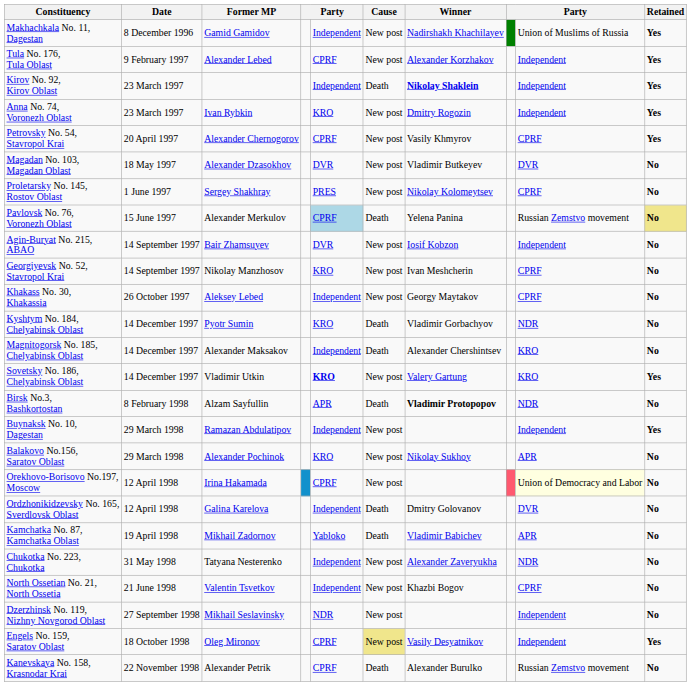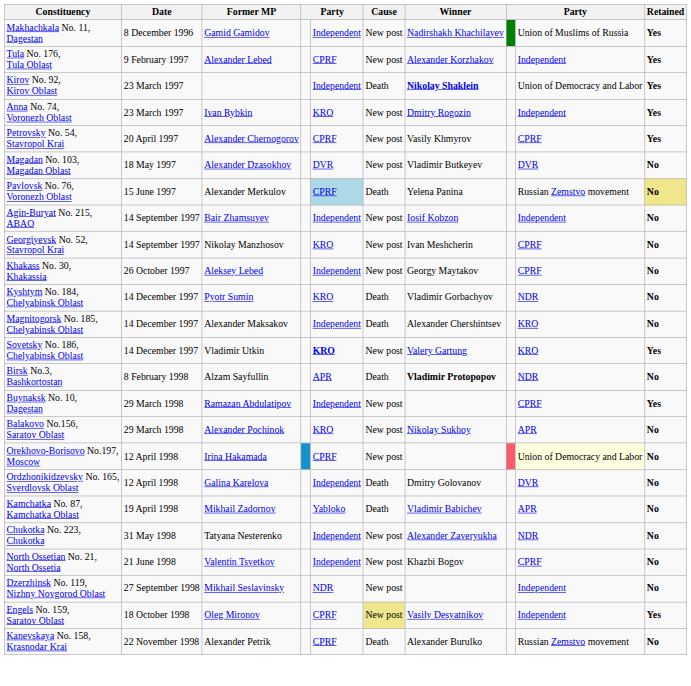 <table class="wikitable">
 <tr>
 <th>Constituency</th>
 <th>Date</th>
 <th>Former MP</th>
 <th colspan=2>Party</th>
 <th>Cause</th>
 <th>Winner</th>
 <th colspan=2>Party</th>
 <th>Retained</th>
 </tr>
 <tr>
 <td><a href='#'>Makhachkala</a> No. 11,<br><a href='#'>Dagestan</a></td>
 <td>8 December 1996</td>
 <td><a href='#'>Gamid Gamidov</a></td>
 <td style="background-color:">  </td>
 <td><a href='#'>Independent</a></td>
 <td>New post</td>
 <td><a href='#'>Nadirshakh Khachilayev</a></td>
 <td style="background-color:green">  </td>
 <td>Union of Muslims of Russia</td>
 <td><strong>Yes</strong></td>
 </tr>
 <tr>
 <td><a href='#'>Tula</a> No. 176,<br><a href='#'>Tula Oblast</a></td>
 <td>9 February 1997</td>
 <td><a href='#'>Alexander Lebed</a></td>
 <td style="background-color:">  </td>
 <td><a href='#'>CPRF</a></td>
 <td>New post</td>
 <td><a href='#'>Alexander Korzhakov</a></td>
 <td style="background-color:">  </td>
 <td><a href='#'>Independent</a></td>
 <td><strong>Yes</strong></td>
 </tr>
 <tr>
 <td><a href='#'>Kirov</a> No. 92,<br><a href='#'>Kirov Oblast</a></td>
 <td>23 March 1997</td>
 <td></td>
 <td style="background-color:">  </td>
 <td><a href='#'>Independent</a></td>
 <td>Death</td>
 <td><strong><a href='#'>Nikolay Shaklein</a></strong></td>
 <td style="background-color:">  </td>
-<td><a href='#'>Independent</a></td>
+<td>Union of Democracy and Labor</td>
 <td><strong>Yes</strong></td>
 </tr>
 <tr>
 <td><a href='#'>Anna</a> No. 74,<br><a href='#'>Voronezh Oblast</a></td>
 <td>23 March 1997</td>
 <td><a href='#'>Ivan Rybkin</a></td>
 <td style="background-color:">  </td>
 <td><a href='#'>KRO</a></td>
 <td>New post</td>
 <td><a href='#'>Dmitry Rogozin</a></td>
 <td style="background-color:">  </td>
 <td><a href='#'>Independent</a></td>
 <td><strong>Yes</strong></td>
 </tr>
 <tr>
 <td><a href='#'>Petrovsky</a> No. 54,<br><a href='#'>Stavropol Krai</a></td>
 <td>20 April 1997</td>
 <td><a href='#'>Alexander Chernogorov</a></td>
 <td style="background-color:">  </td>
 <td><a href='#'>CPRF</a></td>
 <td>New post</td>
 <td>Vasily Khmyrov</td>
 <td style="background-color:">  </td>
 <td><a href='#'>CPRF</a></td>
 <td><strong>Yes</strong></td>
 </tr>
 <tr>
 <td><a href='#'>Magadan</a> No. 103,<br><a href='#'>Magadan Oblast</a></td>
 <td>18 May 1997</td>
 <td><a href='#'>Alexander Dzasokhov</a></td>
 <td style="background-color:">  </td>
 <td><a href='#'>DVR</a></td>
 <td>New post</td>
 <td>Vladimir Butkeyev</td>
 <td style="background-color:">  </td>
 <td><a href='#'>DVR</a></td>
 <td><strong>No</strong></td>
 </tr>
 <tr>
-<td><a href='#'>Proletarsky</a> No. 145,<br><a href='#'>Rostov Oblast</a></td>
-<td>1 June 1997</td>
-<td><a href='#'>Sergey Shakhray</a></td>
-<td style="background-color:">  </td>
-<td><a href='#'>PRES</a></td>
-<td>New post</td>
-<td><a href='#'>Nikolay Kolomeytsev</a></td>
-<td style="background-color:">  </td>
-<td><a href='#'>CPRF</a></td>
-<td><strong>No</strong></td>
-</tr>
-<tr>
 <td><a href='#'>Pavlovsk</a> No. 76,<br><a href='#'>Voronezh Oblast</a></td>
 <td>15 June 1997</td>
 <td>Alexander Merkulov</td>
 <td style="background-color:">  </td>
 <td style="background: lightblue;"><a href='#'>CPRF</a></td>
 <td>Death</td>
 <td>Yelena Panina</td>
 <td style="background-color:">  </td>
 <td>Russian <a href='#'>Zemstvo</a> movement</td>
 <td style="background: khaki;"><strong>No</strong></td>
 </tr>
 <tr>
 <td><a href='#'>Agin-Buryat</a> No. 215,<br><a href='#'>ABAO</a></td>
 <td>14 September 1997</td>
 <td><a href='#'>Bair Zhamsuyev</a></td>
 <td style="background-color:">  </td>
-<td><a href='#'>DVR</a></td>
+<td><a href='#'>Independent</a></td>
 <td>New post</td>
 <td><a href='#'>Iosif Kobzon</a></td>
 <td style="background-color:">  </td>
 <td><a href='#'>Independent</a></td>
 <td><strong>No</strong></td>
 </tr>
 <tr>
 <td><a href='#'>Georgiyevsk</a> No. 52,<br><a href='#'>Stavropol Krai</a></td>
 <td>14 September 1997</td>
 <td>Nikolay Manzhosov</td>
 <td style="background-color:">  </td>
 <td><a href='#'>KRO</a></td>
 <td>New post</td>
 <td>Ivan Meshcherin</td>
 <td style="background-color:">  </td>
 <td><a href='#'>CPRF</a></td>
 <td><strong>No</strong></td>
 </tr>
 <tr>
 <td><a href='#'>Khakass</a> No. 30,<br><a href='#'>Khakassia</a></td>
 <td>26 October 1997</td>
 <td><a href='#'>Aleksey Lebed</a></td>
 <td style="background-color:">  </td>
 <td><a href='#'>Independent</a></td>
 <td>New post</td>
 <td>Georgy Maytakov</td>
 <td style="background-color:">  </td>
 <td><a href='#'>CPRF</a></td>
 <td><strong>No</strong></td>
 </tr>
 <tr>
 <td><a href='#'>Kyshtym</a> No. 184,<br><a href='#'>Chelyabinsk Oblast</a></td>
 <td>14 December 1997</td>
 <td><a href='#'>Pyotr Sumin</a></td>
 <td style="background-color:">  </td>
 <td><a href='#'>KRO</a></td>
 <td>Death</td>
 <td>Vladimir Gorbachyov</td>
 <td style="background-color:">  </td>
 <td><a href='#'>NDR</a></td>
 <td><strong>No</strong></td>
 </tr>
 <tr>
 <td><a href='#'>Magnitogorsk</a> No. 185,<br><a href='#'>Chelyabinsk Oblast</a></td>
 <td>14 December 1997</td>
 <td>Alexander Maksakov</td>
 <td style="background-color:">  </td>
 <td><a href='#'>Independent</a></td>
 <td>Death</td>
 <td>Alexander Chershintsev</td>
 <td style="background-color:">  </td>
 <td><a href='#'>KRO</a></td>
 <td><strong>No</strong></td>
 </tr>
 <tr>
 <td><a href='#'>Sovetsky</a> No. 186,<br><a href='#'>Chelyabinsk Oblast</a></td>
 <td>14 December 1997</td>
 <td>Vladimir Utkin</td>
 <td style="background-color:">  </td>
 <td><strong><a href='#'>KRO</a></strong></td>
 <td>New post</td>
 <td><a href='#'>Valery Gartung</a></td>
 <td style="background-color:">  </td>
 <td><a href='#'>KRO</a></td>
 <td><strong>Yes</strong></td>
 </tr>
 <tr>
 <td><a href='#'>Birsk</a> No.3,<br><a href='#'>Bashkortostan</a></td>
 <td>8 February 1998</td>
 <td>Alzam Sayfullin</td>
 <td style="background-color:">  </td>
 <td><a href='#'>APR</a></td>
 <td>Death</td>
 <td><strong>Vladimir Protopopov</strong></td>
 <td style="background-color:">  </td>
 <td><a href='#'>NDR</a></td>
 <td><strong>No</strong></td>
 </tr>
 <tr>
 <td><a href='#'>Buynaksk</a> No. 10,<br><a href='#'>Dagestan</a></td>
 <td>29 March 1998</td>
 <td><a href='#'>Ramazan Abdulatipov</a></td>
 <td style="background-color:">  </td>
 <td><a href='#'>Independent</a></td>
 <td>New post</td>
 <td></td>
 <td style="background-color:">  </td>
-<td><a href='#'>Independent</a></td>
+<td><a href='#'>CPRF</a></td>
 <td><strong>Yes</strong></td>
 </tr>
 <tr>
 <td><a href='#'>Balakovo</a> No.156,<br><a href='#'>Saratov Oblast</a></td>
 <td>29 March 1998</td>
 <td><a href='#'>Alexander Pochinok</a></td>
 <td style="background-color:">  </td>
 <td><a href='#'>KRO</a></td>
 <td>New post</td>
 <td><a href='#'>Nikolay Sukhoy</a></td>
 <td style="background-color:">  </td>
 <td><a href='#'>APR</a></td>
 <td><strong>No</strong></td>
 </tr>
 <tr>
 <td><a href='#'>Orekhovo-Borisovo</a> No.197,<br><a href='#'>Moscow</a></td>
 <td>12 April 1998</td>
 <td><a href='#'>Irina Hakamada</a></td>
 <td style="background-color:#1291CC">  </td>
 <td><a href='#'>CPRF</a></td>
 <td>New post</td>
 <td></td>
 <td style="background-color:#FF596F">  </td>
 <td style="background: lightyellow;">Union of Democracy and Labor</td>
 <td><strong>No</strong></td>
 </tr>
 <tr>
 <td><a href='#'>Ordzhonikidzevsky</a> No. 165,<br><a href='#'>Sverdlovsk Oblast</a></td>
 <td>12 April 1998</td>
 <td><a href='#'>Galina Karelova</a></td>
 <td style="background-color:">  </td>
 <td><a href='#'>Independent</a></td>
 <td>Death</td>
 <td>Dmitry Golovanov</td>
 <td style="background-color:">  </td>
 <td><a href='#'>DVR</a></td>
 <td><strong>No</strong></td>
 </tr>
 <tr>
 <td><a href='#'>Kamchatka</a> No. 87,<br><a href='#'>Kamchatka Oblast</a></td>
 <td>19 April 1998</td>
 <td><a href='#'>Mikhail Zadornov</a></td>
 <td style="background-color:">  </td>
 <td><a href='#'>Yabloko</a></td>
 <td>Death</td>
 <td><a href='#'>Vladimir Babichev</a></td>
 <td style="background-color:">  </td>
 <td><a href='#'>APR</a></td>
 <td><strong>No</strong></td>
 </tr>
 <tr>
 <td><a href='#'>Chukotka</a> No. 223,<br><a href='#'>Chukotka</a></td>
 <td>31 May 1998</td>
 <td>Tatyana Nesterenko</td>
 <td style="background-color:">  </td>
 <td><a href='#'>Independent</a></td>
 <td>New post</td>
 <td><a href='#'>Alexander Zaveryukha</a></td>
 <td style="background-color:">  </td>
 <td><a href='#'>NDR</a></td>
 <td><strong>No</strong></td>
 </tr>
 <tr>
 <td><a href='#'>North Ossetian</a> No. 21,<br><a href='#'>North Ossetia</a></td>
 <td>21 June 1998</td>
 <td><a href='#'>Valentin Tsvetkov</a></td>
 <td style="background-color:">  </td>
 <td><a href='#'>Independent</a></td>
 <td>New post</td>
 <td>Khazbi Bogov</td>
 <td style="background-color:">  </td>
 <td><a href='#'>CPRF</a></td>
 <td><strong>No</strong></td>
 </tr>
 <tr>
 <td><a href='#'>Dzerzhinsk</a> No. 119,<br><a href='#'>Nizhny Novgorod Oblast</a></td>
 <td>27 September 1998</td>
 <td><a href='#'>Mikhail Seslavinsky</a></td>
 <td style="background-color:">  </td>
 <td><a href='#'>NDR</a></td>
 <td>New post</td>
 <td></td>
 <td style="background-color:">  </td>
 <td><a href='#'>Independent</a></td>
 <td><strong>No</strong></td>
 </tr>
 <tr>
 <td><a href='#'>Engels</a> No. 159,<br><a href='#'>Saratov Oblast</a></td>
 <td>18 October 1998</td>
 <td><a href='#'>Oleg Mironov</a></td>
 <td style="background-color:">  </td>
 <td><a href='#'>CPRF</a></td>
 <td style="background: khaki;">New post</td>
 <td><a href='#'>Vasily Desyatnikov</a></td>
 <td style="background-color:">  </td>
 <td><a href='#'>Independent</a></td>
 <td><strong>Yes</strong></td>
 </tr>
 <tr>
 <td><a href='#'>Kanevskaya</a> No. 158,<br><a href='#'>Krasnodar Krai</a></td>
 <td>22 November 1998</td>
 <td>Alexander Petrik</td>
 <td style="background-color:">  </td>
 <td><a href='#'>CPRF</a></td>
 <td>Death</td>
 <td>Alexander Burulko</td>
 <td style="background-color:">  </td>
 <td>Russian <a href='#'>Zemstvo</a> movement</td>
 <td><strong>No</strong></td>
 </tr>
 </table>
